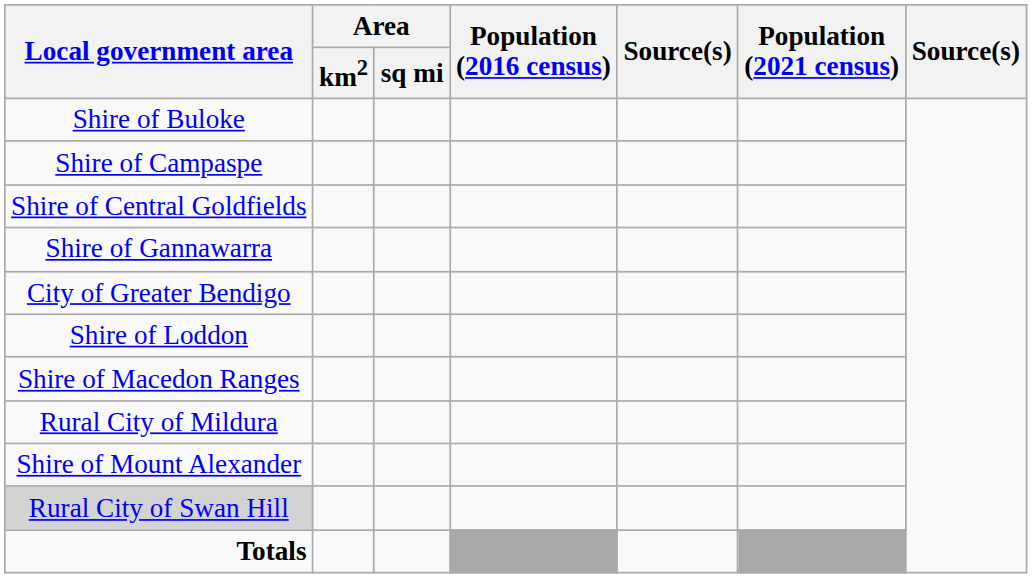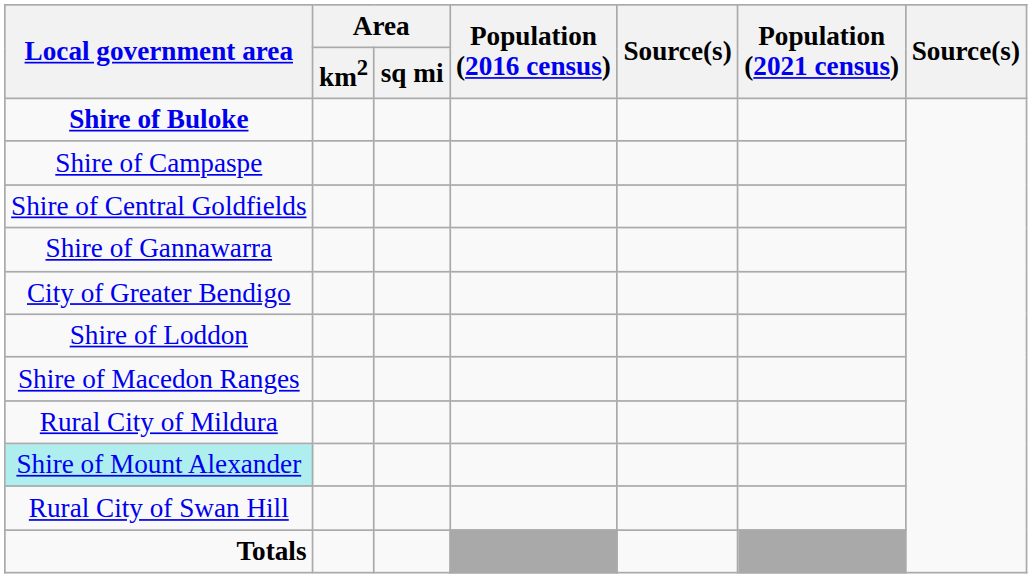 <table class="wikitable sortable plainrowheaders" style="text-align:center;">
 <tr>
 <th scope="col" rowspan="2"><a href='#'>Local government area</a></th>
 <th scope="col" colspan="2">Area</th>
 <th scope="col" rowspan="2">Population<br>(<a href='#'>2016 census</a>)</th>
 <th scope="col" rowspan="2">Source(s)</th>
 <th scope="col" rowspan="2">Population<br>(<a href='#'>2021 census</a>)</th>
 <th scope="col" rowspan="2">Source(s)</th>
 </tr>
 <tr>
 <th scope="col">km<sup>2</sup></th>
 <th scope="col">sq mi</th>
 </tr>
 <tr>
-<td scope="row"><a href='#'>Shire of Buloke</a></td>
+<td scope="row"><strong><a href='#'>Shire of Buloke</a></strong></td>
 <td></td>
 <td align="right"></td>
 <td></td>
 <td align="right"></td>
 <td></td>
 </tr>
 <tr>
 <td scope="row"><a href='#'>Shire of Campaspe</a></td>
 <td></td>
 <td align="right"></td>
 <td></td>
 <td align="right"></td>
 <td></td>
 </tr>
 <tr>
 <td scope="row"><a href='#'>Shire of Central Goldfields</a></td>
 <td></td>
 <td align="right"></td>
 <td></td>
 <td align="right"></td>
 <td></td>
 </tr>
 <tr>
 <td scope="row"><a href='#'>Shire of Gannawarra</a></td>
 <td></td>
 <td align="right"></td>
 <td></td>
 <td align="right"></td>
 <td></td>
 </tr>
 <tr>
 <td scope="row"><a href='#'>City of Greater Bendigo</a></td>
 <td></td>
 <td align="right"></td>
 <td></td>
 <td align="right"></td>
 <td></td>
 </tr>
 <tr>
 <td scope="row"><a href='#'>Shire of Loddon</a></td>
 <td></td>
 <td align="right"></td>
 <td></td>
 <td align="right"></td>
 <td></td>
 </tr>
 <tr>
 <td scope="row"><a href='#'>Shire of Macedon Ranges</a></td>
 <td></td>
 <td align="right"></td>
 <td></td>
 <td align="right"></td>
 <td></td>
 </tr>
 <tr>
 <td scope="row"><a href='#'>Rural City of Mildura</a></td>
 <td></td>
 <td align="right"></td>
 <td></td>
 <td align="right"></td>
 <td></td>
 </tr>
 <tr>
-<td scope="row"><a href='#'>Shire of Mount Alexander</a></td>
+<td scope="row" style="background: paleturquoise;"><a href='#'>Shire of Mount Alexander</a></td>
 <td></td>
 <td align="right"></td>
 <td></td>
 <td align="right"></td>
 <td></td>
 </tr>
 <tr>
-<td scope="row" style="background: lightgrey;"><a href='#'>Rural City of Swan Hill</a></td>
+<td scope="row"><a href='#'>Rural City of Swan Hill</a></td>
 <td></td>
 <td align="right"></td>
 <td></td>
 <td align="right"></td>
 <td></td>
 </tr>
 <tr>
 <td scope="row" align="right"><strong>Totals</strong></td>
 <td></td>
 <td align="right"><strong></strong></td>
 <td style="background:darkgrey;"></td>
 <td align="right"><strong></strong></td>
 <td style="background:darkgrey;"></td>
 </tr>
 </table>
